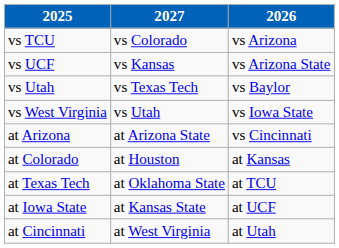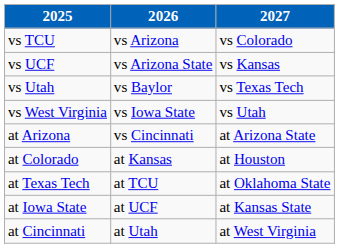 <table class="wikitable sortable">
 <tr>
 <th style="background:#0062B8; color:#FFFFFF;">2025</th>
+<th style="background:#0062B8; color:#FFFFFF;">2026</th>
 <th style="background:#0062B8; color:#FFFFFF;">2027</th>
-<th style="background:#0062B8; color:#FFFFFF;">2026</th>
 </tr>
 <tr>
 <td>vs <a href='#'>TCU</a></td>
+<td>vs <a href='#'>Arizona</a></td>
 <td>vs <a href='#'>Colorado</a></td>
-<td>vs <a href='#'>Arizona</a></td>
 </tr>
 <tr>
 <td>vs <a href='#'>UCF</a></td>
+<td>vs <a href='#'>Arizona State</a></td>
 <td>vs <a href='#'>Kansas</a></td>
-<td>vs <a href='#'>Arizona State</a></td>
 </tr>
 <tr>
 <td>vs <a href='#'>Utah</a></td>
+<td>vs <a href='#'>Baylor</a></td>
 <td>vs <a href='#'>Texas Tech</a></td>
-<td>vs <a href='#'>Baylor</a></td>
 </tr>
 <tr>
 <td>vs <a href='#'>West Virginia</a></td>
+<td>vs <a href='#'>Iowa State</a></td>
 <td>vs <a href='#'>Utah</a></td>
-<td>vs <a href='#'>Iowa State</a></td>
 </tr>
 <tr>
 <td>at <a href='#'>Arizona</a></td>
+<td>vs <a href='#'>Cincinnati</a></td>
 <td>at <a href='#'>Arizona State</a></td>
-<td>vs <a href='#'>Cincinnati</a></td>
 </tr>
 <tr>
 <td>at <a href='#'>Colorado</a></td>
+<td>at <a href='#'>Kansas</a></td>
 <td>at <a href='#'>Houston</a></td>
-<td>at <a href='#'>Kansas</a></td>
 </tr>
 <tr>
 <td>at <a href='#'>Texas Tech</a></td>
+<td>at <a href='#'>TCU</a></td>
 <td>at <a href='#'>Oklahoma State</a></td>
-<td>at <a href='#'>TCU</a></td>
 </tr>
 <tr>
 <td>at <a href='#'>Iowa State</a></td>
+<td>at <a href='#'>UCF</a></td>
 <td>at <a href='#'>Kansas State</a></td>
-<td>at <a href='#'>UCF</a></td>
 </tr>
 <tr>
 <td>at <a href='#'>Cincinnati</a></td>
+<td>at <a href='#'>Utah</a></td>
 <td>at <a href='#'>West Virginia</a></td>
-<td>at <a href='#'>Utah</a></td>
 </tr>
 </table>
